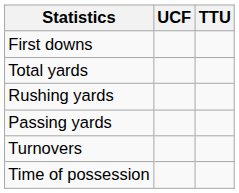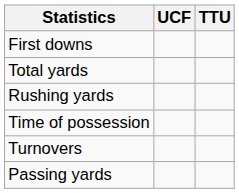 <table class="wikitable" style="float:left">
 <tr>
 <th>Statistics</th>
 <th>UCF</th>
 <th>TTU</th>
 </tr>
 <tr>
 <td>First downs</td>
 <td></td>
 <td></td>
 </tr>
 <tr>
 <td>Total yards</td>
 <td></td>
 <td></td>
 </tr>
 <tr>
 <td>Rushing yards</td>
 <td></td>
 <td></td>
 </tr>
 <tr>
-<td>Passing yards</td>
+<td>Time of possession</td>
 <td></td>
 <td></td>
 </tr>
 <tr>
 <td>Turnovers</td>
 <td></td>
 <td></td>
 </tr>
 <tr>
-<td>Time of possession</td>
+<td>Passing yards</td>
 <td></td>
 <td></td>
 </tr>
 </table>
